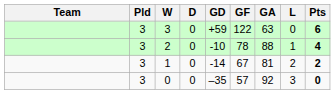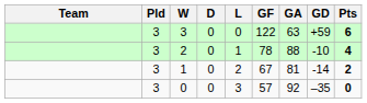 <table class="wikitable" style="text-align: center;">
 <tr>
 <th width="180">Team</th>
 <th width="30">Pld</th>
 <th width="30">W</th>
 <th width="30">D</th>
-<th width="30">GD</th>
+<th width="30">L</th>
 <th width="30">GF</th>
 <th width="30">GA</th>
-<th width="30">L</th>
+<th width="30">GD</th>
 <th width="30">Pts</th>
 </tr>
 <tr bgcolor=#CCFFCC>
 <td align="left"></td>
 <td>3</td>
 <td>3</td>
 <td>0</td>
-<td>+59</td>
+<td>0</td>
 <td>122</td>
 <td>63</td>
-<td>0</td>
+<td>+59</td>
 <td><strong>6</strong></td>
 </tr>
 <tr bgcolor=#CCFFCC>
 <td align="left"></td>
 <td>3</td>
 <td>2</td>
 <td>0</td>
-<td>-10</td>
+<td>1</td>
 <td>78</td>
 <td>88</td>
-<td>1</td>
+<td>-10</td>
 <td><strong>4</strong></td>
 </tr>
 <tr>
 <td align="left"></td>
 <td>3</td>
 <td>1</td>
 <td>0</td>
-<td>-14</td>
+<td>2</td>
 <td>67</td>
 <td>81</td>
-<td>2</td>
+<td>-14</td>
 <td><strong>2</strong></td>
 </tr>
 <tr>
 <td align="left"></td>
 <td>3</td>
 <td>0</td>
 <td>0</td>
-<td>–35</td>
+<td>3</td>
 <td>57</td>
 <td>92</td>
-<td>3</td>
+<td>–35</td>
 <td><strong>0</strong></td>
 </tr>
 </table>
